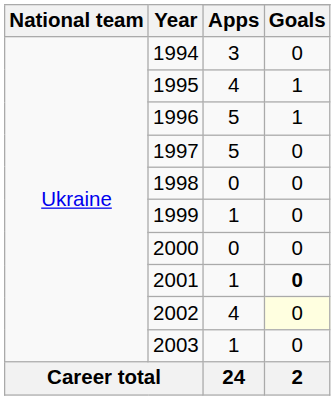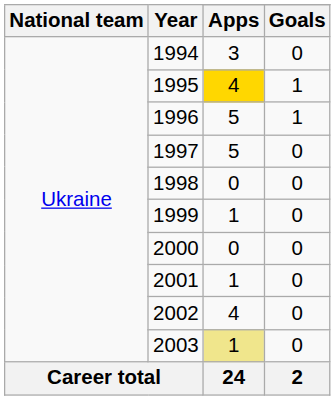 <table class="wikitable" style="text-align: center">
 <tr>
 <th rowspan="2">National team</th>
 <th rowspan="2">Year</th>
 </tr>
 <tr>
 <th>Apps</th>
 <th>Goals</th>
 </tr>
 <tr>
 <td rowspan="10"><a href='#'>Ukraine</a></td>
 <td>1994</td>
 <td>3</td>
 <td>0</td>
 </tr>
 <tr>
 <td>1995</td>
-<td>4</td>
+<td style="background: gold;">4</td>
 <td>1</td>
 </tr>
 <tr>
 <td>1996</td>
 <td>5</td>
 <td>1</td>
 </tr>
 <tr>
 <td>1997</td>
 <td>5</td>
 <td>0</td>
 </tr>
 <tr>
 <td>1998</td>
 <td>0</td>
 <td>0</td>
 </tr>
 <tr>
 <td>1999</td>
 <td>1</td>
 <td>0</td>
 </tr>
 <tr>
 <td>2000</td>
 <td>0</td>
 <td>0</td>
 </tr>
 <tr>
 <td>2001</td>
 <td>1</td>
-<td><strong>0</strong></td>
+<td>0</td>
 </tr>
 <tr>
 <td>2002</td>
 <td>4</td>
-<td style="background: lightyellow;">0</td>
+<td>0</td>
 </tr>
 <tr>
 <td>2003</td>
-<td>1</td>
+<td style="background: khaki;">1</td>
 <td>0</td>
 </tr>
 <tr>
 <th colspan="2">Career total</th>
 <th>24</th>
 <th>2</th>
 </tr>
 </table>
